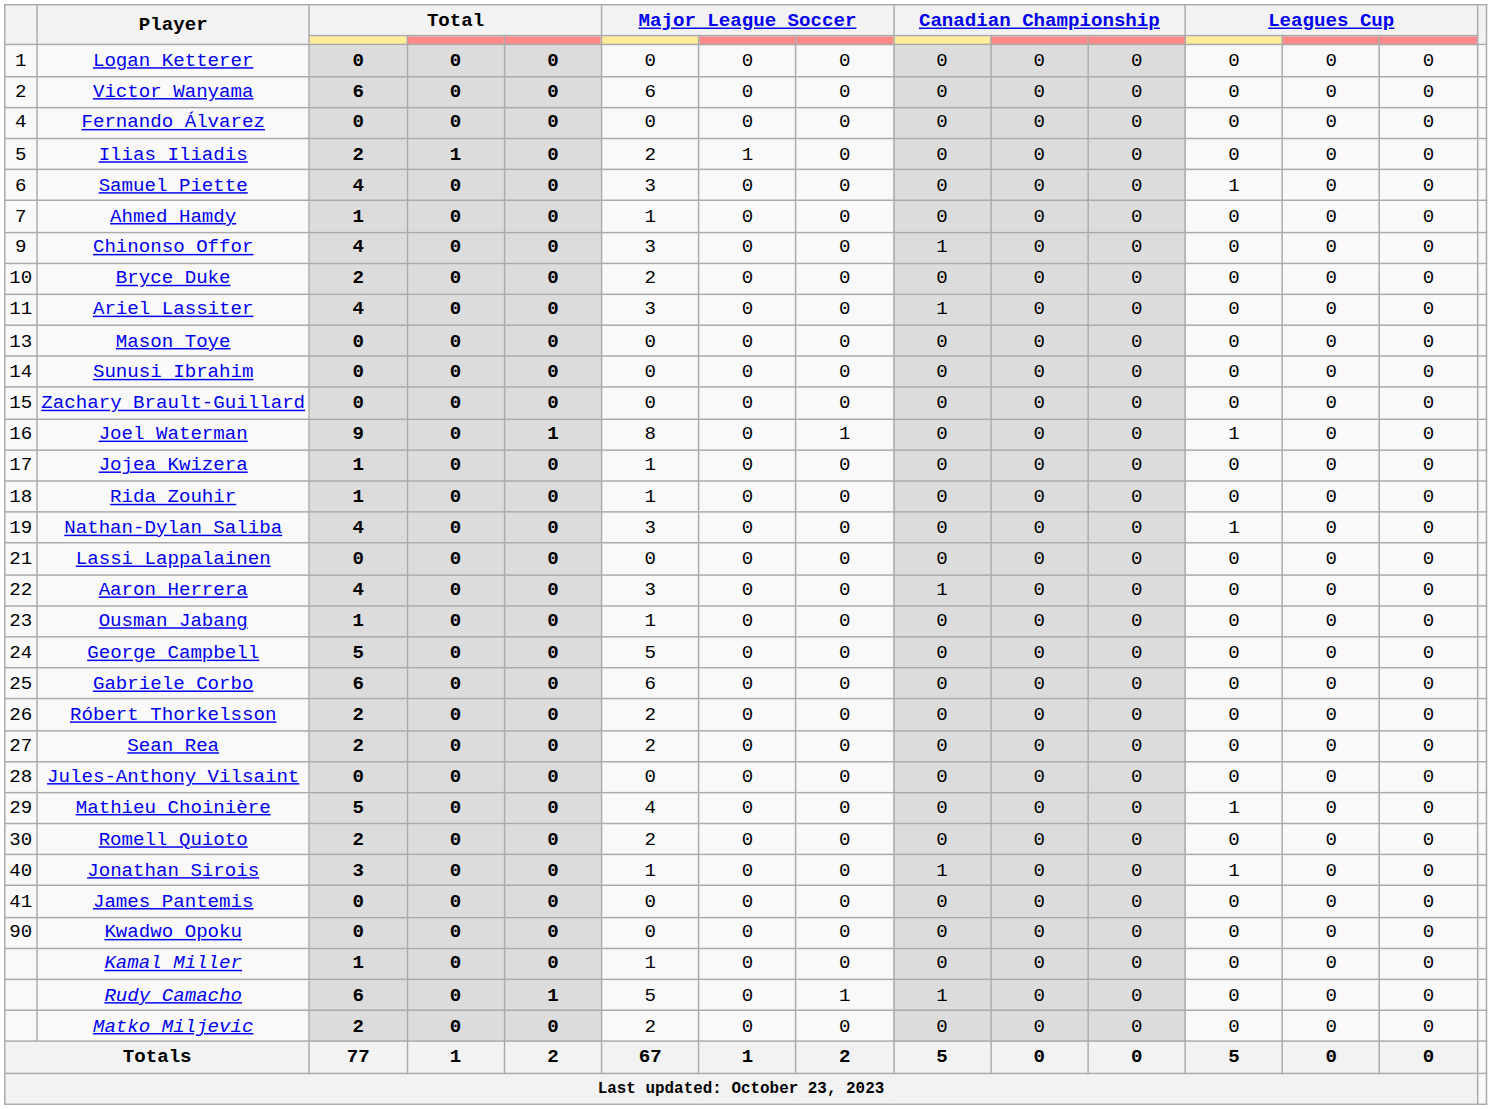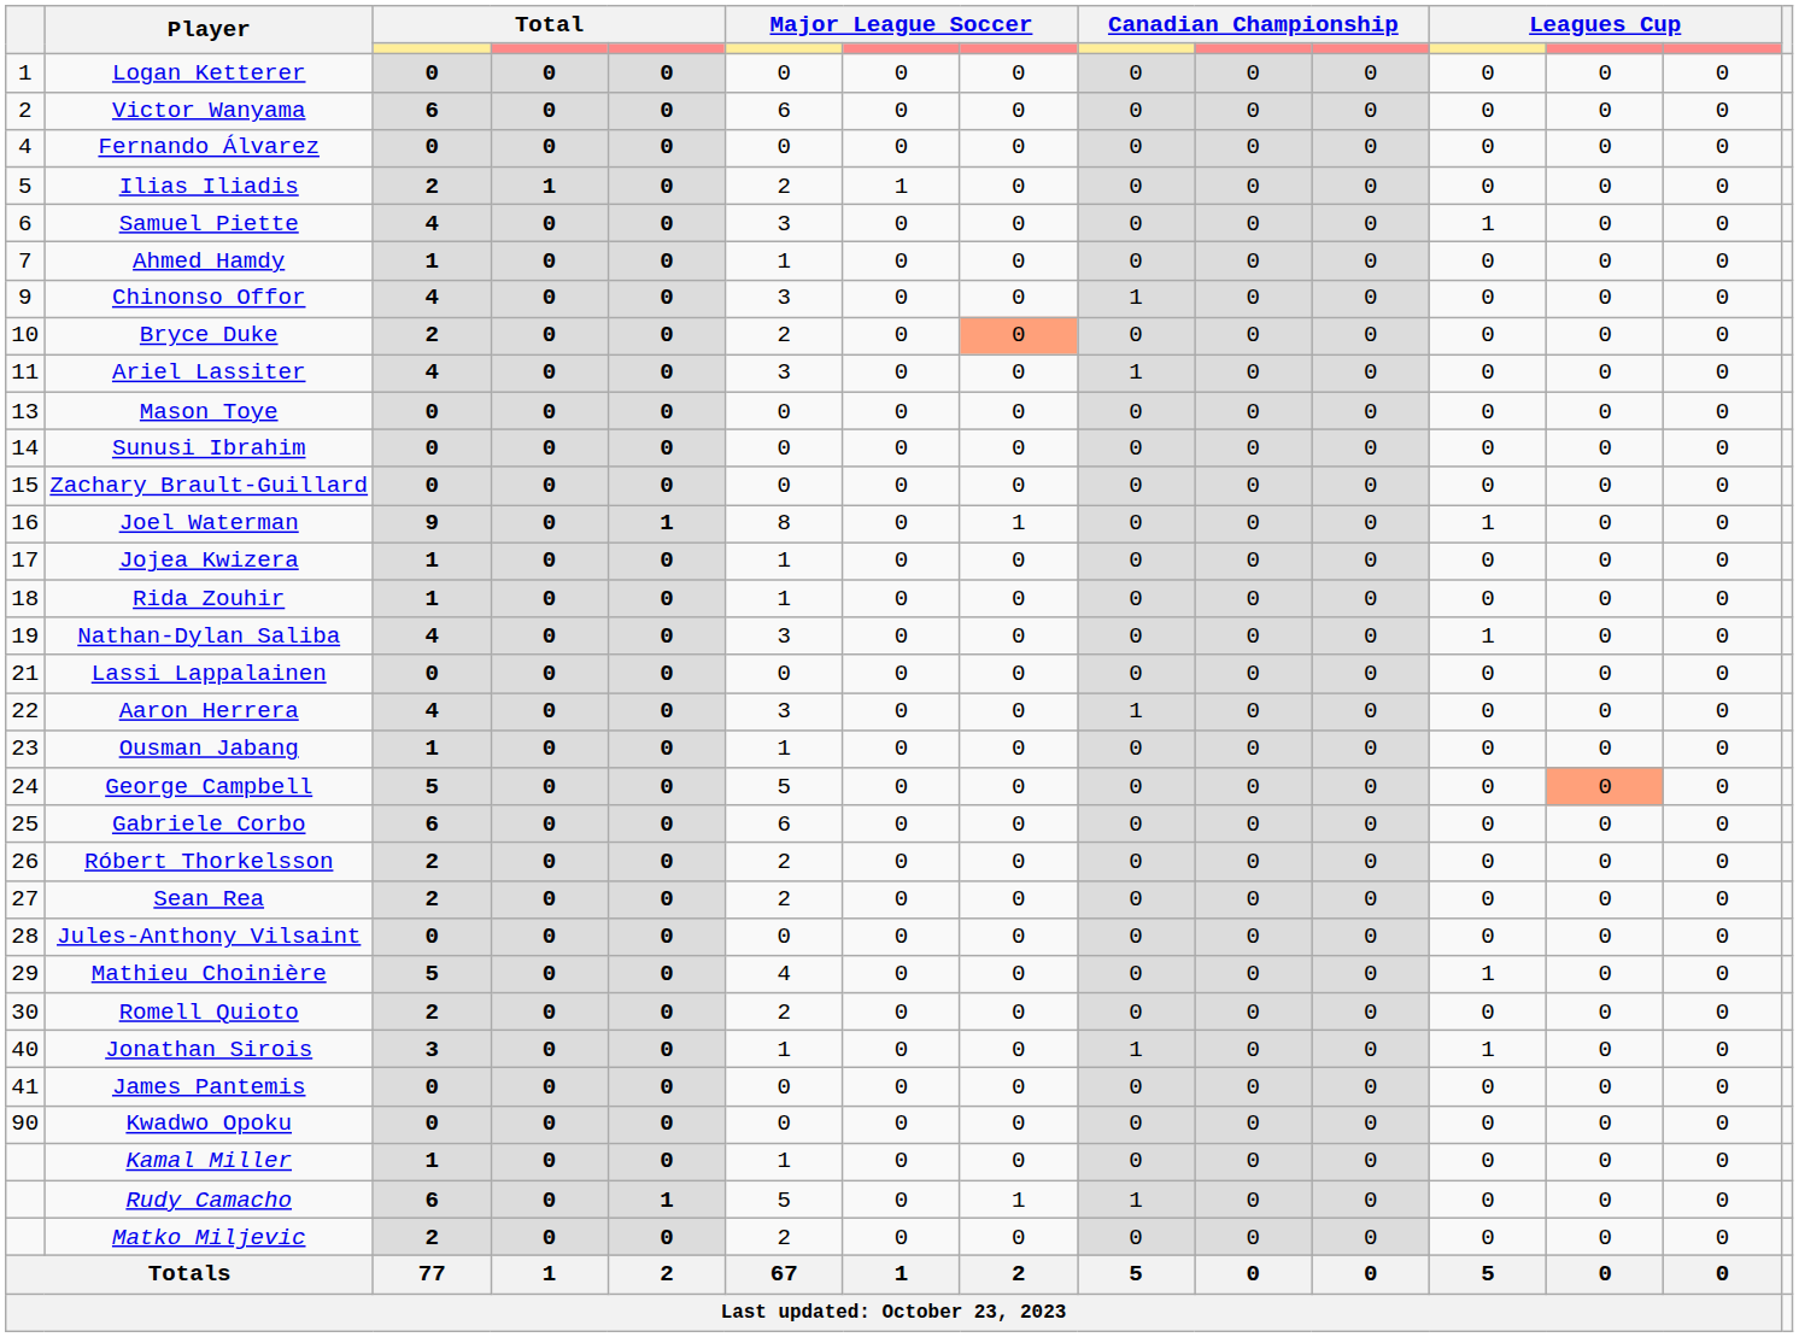 <table class="wikitable" style="text-align:center;">
 <tr style="text-align:center;">
 <th rowspan="2"></th>
 <th rowspan="2">Player</th>
 <th colspan="3">Total</th>
 <th colspan="3"><a href='#'>Major League Soccer</a></th>
 <th colspan="3"><a href='#'>Canadian Championship</a></th>
 <th colspan="3"><a href='#'>Leagues Cup</a></th>
 <th rowspan="2"></th>
 </tr>
 <tr>
 <th style="width:60px; background:#fe9;"></th>
 <th style="width:60px; background:#ff8888;"></th>
 <th style="width:60px; background:#ff8888;"></th>
 <th style="width:60px; background:#fe9;"></th>
 <th style="width:60px; background:#ff8888;"></th>
 <th style="width:60px; background:#ff8888;"></th>
 <th style="width:60px; background:#fe9;"></th>
 <th style="width:60px; background:#ff8888;"></th>
 <th style="width:60px; background:#ff8888;"></th>
 <th style="width:60px; background:#fe9;"></th>
 <th style="width:60px; background:#ff8888;"></th>
 <th style="width:60px; background:#ff8888;"></th>
 </tr>
 <tr>
 <td>1</td>
 <td><a href='#'>Logan Ketterer</a></td>
 <td style="background:#DCDCDC"><strong>0</strong> </td>
 <td style="background:#DCDCDC"><strong>0</strong> </td>
 <td style="background:#DCDCDC"><strong>0</strong> </td>
 <td>0 </td>
 <td>0 </td>
 <td>0 </td>
 <td style="background:#DCDCDC">0 </td>
 <td style="background:#DCDCDC">0 </td>
 <td style="background:#DCDCDC">0 </td>
 <td>0 </td>
 <td>0 </td>
 <td>0 </td>
 <td></td>
 </tr>
 <tr>
 <td>2</td>
 <td><a href='#'>Victor Wanyama</a></td>
 <td style="background:#DCDCDC"><strong>6</strong> </td>
 <td style="background:#DCDCDC"><strong>0</strong> </td>
 <td style="background:#DCDCDC"><strong>0</strong> </td>
 <td>6 </td>
 <td>0 </td>
 <td>0 </td>
 <td style="background:#DCDCDC">0 </td>
 <td style="background:#DCDCDC">0 </td>
 <td style="background:#DCDCDC">0 </td>
 <td>0 </td>
 <td>0 </td>
 <td>0 </td>
 <td></td>
 </tr>
 <tr>
 <td>4</td>
 <td><a href='#'>Fernando Álvarez</a></td>
 <td style="background:#DCDCDC"><strong>0</strong> </td>
 <td style="background:#DCDCDC"><strong>0</strong> </td>
 <td style="background:#DCDCDC"><strong>0</strong> </td>
 <td>0 </td>
 <td>0 </td>
 <td>0 </td>
 <td style="background:#DCDCDC">0 </td>
 <td style="background:#DCDCDC">0 </td>
 <td style="background:#DCDCDC">0 </td>
 <td>0 </td>
 <td>0 </td>
 <td>0 </td>
 <td></td>
 </tr>
 <tr>
 <td>5</td>
 <td><a href='#'>Ilias Iliadis</a></td>
 <td style="background:#DCDCDC"><strong>2</strong> </td>
 <td style="background:#DCDCDC"><strong>1</strong> </td>
 <td style="background:#DCDCDC"><strong>0</strong> </td>
 <td>2 </td>
 <td>1 </td>
 <td>0 </td>
 <td style="background:#DCDCDC">0 </td>
 <td style="background:#DCDCDC">0 </td>
 <td style="background:#DCDCDC">0 </td>
 <td>0 </td>
 <td>0 </td>
 <td>0 </td>
 <td></td>
 </tr>
 <tr>
 <td>6</td>
 <td><a href='#'>Samuel Piette</a></td>
 <td style="background:#DCDCDC"><strong>4</strong> </td>
 <td style="background:#DCDCDC"><strong>0</strong> </td>
 <td style="background:#DCDCDC"><strong>0</strong> </td>
 <td>3 </td>
 <td>0 </td>
 <td>0 </td>
 <td style="background:#DCDCDC">0 </td>
 <td style="background:#DCDCDC">0 </td>
 <td style="background:#DCDCDC">0 </td>
 <td>1 </td>
 <td>0 </td>
 <td>0 </td>
 <td></td>
 </tr>
 <tr>
 <td>7</td>
 <td><a href='#'>Ahmed Hamdy</a></td>
 <td style="background:#DCDCDC"><strong>1</strong> </td>
 <td style="background:#DCDCDC"><strong>0</strong> </td>
 <td style="background:#DCDCDC"><strong>0</strong> </td>
 <td>1 </td>
 <td>0 </td>
 <td>0 </td>
 <td style="background:#DCDCDC">0 </td>
 <td style="background:#DCDCDC">0 </td>
 <td style="background:#DCDCDC">0 </td>
 <td>0 </td>
 <td>0 </td>
 <td>0 </td>
 <td></td>
 </tr>
 <tr>
 <td>9</td>
 <td><a href='#'>Chinonso Offor</a></td>
 <td style="background:#DCDCDC"><strong>4</strong> </td>
 <td style="background:#DCDCDC"><strong>0</strong> </td>
 <td style="background:#DCDCDC"><strong>0</strong> </td>
 <td>3 </td>
 <td>0 </td>
 <td>0 </td>
 <td style="background:#DCDCDC">1 </td>
 <td style="background:#DCDCDC">0 </td>
 <td style="background:#DCDCDC">0 </td>
 <td>0 </td>
 <td>0 </td>
 <td>0 </td>
 <td></td>
 </tr>
 <tr>
 <td>10</td>
 <td><a href='#'>Bryce Duke</a></td>
 <td style="background:#DCDCDC"><strong>2</strong> </td>
 <td style="background:#DCDCDC"><strong>0</strong> </td>
 <td style="background:#DCDCDC"><strong>0</strong> </td>
 <td>2 </td>
 <td>0 </td>
-<td>0 </td>
+<td style="background: lightsalmon;">0 </td>
 <td style="background:#DCDCDC">0 </td>
 <td style="background:#DCDCDC">0 </td>
 <td style="background:#DCDCDC">0 </td>
 <td>0 </td>
 <td>0 </td>
 <td>0 </td>
 <td></td>
 </tr>
 <tr>
 <td>11</td>
 <td><a href='#'>Ariel Lassiter</a></td>
 <td style="background:#DCDCDC"><strong>4</strong> </td>
 <td style="background:#DCDCDC"><strong>0</strong> </td>
 <td style="background:#DCDCDC"><strong>0</strong> </td>
 <td>3 </td>
 <td>0 </td>
 <td>0 </td>
 <td style="background:#DCDCDC">1 </td>
 <td style="background:#DCDCDC">0 </td>
 <td style="background:#DCDCDC">0 </td>
 <td>0 </td>
 <td>0 </td>
 <td>0 </td>
 <td></td>
 </tr>
 <tr>
 <td>13</td>
 <td><a href='#'>Mason Toye</a></td>
 <td style="background:#DCDCDC"><strong>0</strong> </td>
 <td style="background:#DCDCDC"><strong>0</strong> </td>
 <td style="background:#DCDCDC"><strong>0</strong> </td>
 <td>0 </td>
 <td>0 </td>
 <td>0 </td>
 <td style="background:#DCDCDC">0 </td>
 <td style="background:#DCDCDC">0 </td>
 <td style="background:#DCDCDC">0 </td>
 <td>0 </td>
 <td>0 </td>
 <td>0 </td>
 <td></td>
 </tr>
 <tr>
 <td>14</td>
 <td><a href='#'>Sunusi Ibrahim</a></td>
 <td style="background:#DCDCDC"><strong>0</strong> </td>
 <td style="background:#DCDCDC"><strong>0</strong> </td>
 <td style="background:#DCDCDC"><strong>0</strong> </td>
 <td>0 </td>
 <td>0 </td>
 <td>0 </td>
 <td style="background:#DCDCDC">0 </td>
 <td style="background:#DCDCDC">0 </td>
 <td style="background:#DCDCDC">0 </td>
 <td>0 </td>
 <td>0 </td>
 <td>0 </td>
 <td></td>
 </tr>
 <tr>
 <td>15</td>
 <td><a href='#'>Zachary Brault-Guillard</a></td>
 <td style="background:#DCDCDC"><strong>0</strong> </td>
 <td style="background:#DCDCDC"><strong>0</strong> </td>
 <td style="background:#DCDCDC"><strong>0</strong> </td>
 <td>0 </td>
 <td>0 </td>
 <td>0 </td>
 <td style="background:#DCDCDC">0 </td>
 <td style="background:#DCDCDC">0 </td>
 <td style="background:#DCDCDC">0 </td>
 <td>0 </td>
 <td>0 </td>
 <td>0 </td>
 <td></td>
 </tr>
 <tr>
 <td>16</td>
 <td><a href='#'>Joel Waterman</a></td>
 <td style="background:#DCDCDC"><strong>9</strong> </td>
 <td style="background:#DCDCDC"><strong>0</strong> </td>
 <td style="background:#DCDCDC"><strong>1</strong> </td>
 <td>8 </td>
 <td>0 </td>
 <td>1 </td>
 <td style="background:#DCDCDC">0 </td>
 <td style="background:#DCDCDC">0 </td>
 <td style="background:#DCDCDC">0 </td>
 <td>1 </td>
 <td>0 </td>
 <td>0 </td>
 <td></td>
 </tr>
 <tr>
 <td>17</td>
 <td><a href='#'>Jojea Kwizera</a></td>
 <td style="background:#DCDCDC"><strong>1</strong> </td>
 <td style="background:#DCDCDC"><strong>0</strong> </td>
 <td style="background:#DCDCDC"><strong>0</strong> </td>
 <td>1 </td>
 <td>0 </td>
 <td>0 </td>
 <td style="background:#DCDCDC">0 </td>
 <td style="background:#DCDCDC">0 </td>
 <td style="background:#DCDCDC">0 </td>
 <td>0 </td>
 <td>0 </td>
 <td>0 </td>
 <td></td>
 </tr>
 <tr>
 <td>18</td>
 <td><a href='#'>Rida Zouhir</a></td>
 <td style="background:#DCDCDC"><strong>1</strong> </td>
 <td style="background:#DCDCDC"><strong>0</strong> </td>
 <td style="background:#DCDCDC"><strong>0</strong> </td>
 <td>1 </td>
 <td>0 </td>
 <td>0 </td>
 <td style="background:#DCDCDC">0 </td>
 <td style="background:#DCDCDC">0 </td>
 <td style="background:#DCDCDC">0 </td>
 <td>0 </td>
 <td>0 </td>
 <td>0 </td>
 <td></td>
 </tr>
 <tr>
 <td>19</td>
 <td><a href='#'>Nathan-Dylan Saliba</a></td>
 <td style="background:#DCDCDC"><strong>4</strong> </td>
 <td style="background:#DCDCDC"><strong>0</strong> </td>
 <td style="background:#DCDCDC"><strong>0</strong> </td>
 <td>3 </td>
 <td>0 </td>
 <td>0 </td>
 <td style="background:#DCDCDC">0 </td>
 <td style="background:#DCDCDC">0 </td>
 <td style="background:#DCDCDC">0 </td>
 <td>1 </td>
 <td>0 </td>
 <td>0 </td>
 <td></td>
 </tr>
 <tr>
 <td>21</td>
 <td><a href='#'>Lassi Lappalainen</a></td>
 <td style="background:#DCDCDC"><strong>0</strong> </td>
 <td style="background:#DCDCDC"><strong>0</strong> </td>
 <td style="background:#DCDCDC"><strong>0</strong> </td>
 <td>0 </td>
 <td>0 </td>
 <td>0 </td>
 <td style="background:#DCDCDC">0 </td>
 <td style="background:#DCDCDC">0 </td>
 <td style="background:#DCDCDC">0 </td>
 <td>0 </td>
 <td>0 </td>
 <td>0 </td>
 <td></td>
 </tr>
 <tr>
 <td>22</td>
 <td><a href='#'>Aaron Herrera</a></td>
 <td style="background:#DCDCDC"><strong>4</strong> </td>
 <td style="background:#DCDCDC"><strong>0</strong> </td>
 <td style="background:#DCDCDC"><strong>0</strong> </td>
 <td>3 </td>
 <td>0 </td>
 <td>0 </td>
 <td style="background:#DCDCDC">1 </td>
 <td style="background:#DCDCDC">0 </td>
 <td style="background:#DCDCDC">0 </td>
 <td>0 </td>
 <td>0 </td>
 <td>0 </td>
 <td></td>
 </tr>
 <tr>
 <td>23</td>
 <td><a href='#'>Ousman Jabang</a></td>
 <td style="background:#DCDCDC"><strong>1</strong> </td>
 <td style="background:#DCDCDC"><strong>0</strong> </td>
 <td style="background:#DCDCDC"><strong>0</strong> </td>
 <td>1 </td>
 <td>0 </td>
 <td>0 </td>
 <td style="background:#DCDCDC">0 </td>
 <td style="background:#DCDCDC">0 </td>
 <td style="background:#DCDCDC">0 </td>
 <td>0 </td>
 <td>0 </td>
 <td>0 </td>
 <td></td>
 </tr>
 <tr>
 <td>24</td>
 <td><a href='#'>George Campbell</a></td>
 <td style="background:#DCDCDC"><strong>5</strong> </td>
 <td style="background:#DCDCDC"><strong>0</strong> </td>
 <td style="background:#DCDCDC"><strong>0</strong> </td>
 <td>5 </td>
 <td>0 </td>
 <td>0 </td>
 <td style="background:#DCDCDC">0 </td>
 <td style="background:#DCDCDC">0 </td>
 <td style="background:#DCDCDC">0 </td>
 <td>0 </td>
-<td>0 </td>
+<td style="background: lightsalmon;">0 </td>
 <td>0 </td>
 <td></td>
 </tr>
 <tr>
 <td>25</td>
 <td><a href='#'>Gabriele Corbo</a></td>
 <td style="background:#DCDCDC"><strong>6</strong> </td>
 <td style="background:#DCDCDC"><strong>0</strong> </td>
 <td style="background:#DCDCDC"><strong>0</strong> </td>
 <td>6 </td>
 <td>0 </td>
 <td>0 </td>
 <td style="background:#DCDCDC">0 </td>
 <td style="background:#DCDCDC">0 </td>
 <td style="background:#DCDCDC">0 </td>
 <td>0 </td>
 <td>0 </td>
 <td>0 </td>
 <td></td>
 </tr>
 <tr>
 <td>26</td>
 <td><a href='#'>Róbert Thorkelsson</a></td>
 <td style="background:#DCDCDC"><strong>2</strong> </td>
 <td style="background:#DCDCDC"><strong>0</strong> </td>
 <td style="background:#DCDCDC"><strong>0</strong> </td>
 <td>2 </td>
 <td>0 </td>
 <td>0 </td>
 <td style="background:#DCDCDC">0 </td>
 <td style="background:#DCDCDC">0 </td>
 <td style="background:#DCDCDC">0 </td>
 <td>0 </td>
 <td>0 </td>
 <td>0 </td>
 <td></td>
 </tr>
 <tr>
 <td>27</td>
 <td><a href='#'>Sean Rea</a></td>
 <td style="background:#DCDCDC"><strong>2</strong> </td>
 <td style="background:#DCDCDC"><strong>0</strong> </td>
 <td style="background:#DCDCDC"><strong>0</strong> </td>
 <td>2 </td>
 <td>0 </td>
 <td>0 </td>
 <td style="background:#DCDCDC">0 </td>
 <td style="background:#DCDCDC">0 </td>
 <td style="background:#DCDCDC">0 </td>
 <td>0 </td>
 <td>0 </td>
 <td>0 </td>
 <td></td>
 </tr>
 <tr>
 <td>28</td>
 <td><a href='#'>Jules-Anthony Vilsaint</a></td>
 <td style="background:#DCDCDC"><strong>0</strong> </td>
 <td style="background:#DCDCDC"><strong>0</strong> </td>
 <td style="background:#DCDCDC"><strong>0</strong> </td>
 <td>0 </td>
 <td>0 </td>
 <td>0 </td>
 <td style="background:#DCDCDC">0 </td>
 <td style="background:#DCDCDC">0 </td>
 <td style="background:#DCDCDC">0 </td>
 <td>0 </td>
 <td>0 </td>
 <td>0 </td>
 <td></td>
 </tr>
 <tr>
 <td>29</td>
 <td><a href='#'>Mathieu Choinière</a></td>
 <td style="background:#DCDCDC"><strong>5</strong> </td>
 <td style="background:#DCDCDC"><strong>0</strong> </td>
 <td style="background:#DCDCDC"><strong>0</strong> </td>
 <td>4 </td>
 <td>0 </td>
 <td>0 </td>
 <td style="background:#DCDCDC">0 </td>
 <td style="background:#DCDCDC">0 </td>
 <td style="background:#DCDCDC">0 </td>
 <td>1 </td>
 <td>0 </td>
 <td>0 </td>
 <td></td>
 </tr>
 <tr>
 <td>30</td>
 <td><a href='#'>Romell Quioto</a></td>
 <td style="background:#DCDCDC"><strong>2</strong> </td>
 <td style="background:#DCDCDC"><strong>0</strong> </td>
 <td style="background:#DCDCDC"><strong>0</strong> </td>
 <td>2 </td>
 <td>0 </td>
 <td>0 </td>
 <td style="background:#DCDCDC">0 </td>
 <td style="background:#DCDCDC">0 </td>
 <td style="background:#DCDCDC">0 </td>
 <td>0 </td>
 <td>0 </td>
 <td>0 </td>
 <td></td>
 </tr>
 <tr>
 <td>40</td>
 <td><a href='#'>Jonathan Sirois</a></td>
 <td style="background:#DCDCDC"><strong>3</strong> </td>
 <td style="background:#DCDCDC"><strong>0</strong> </td>
 <td style="background:#DCDCDC"><strong>0</strong> </td>
 <td>1 </td>
 <td>0 </td>
 <td>0 </td>
 <td style="background:#DCDCDC">1 </td>
 <td style="background:#DCDCDC">0 </td>
 <td style="background:#DCDCDC">0 </td>
 <td>1 </td>
 <td>0 </td>
 <td>0 </td>
 <td></td>
 </tr>
 <tr>
 <td>41</td>
 <td><a href='#'>James Pantemis</a></td>
 <td style="background:#DCDCDC"><strong>0</strong> </td>
 <td style="background:#DCDCDC"><strong>0</strong> </td>
 <td style="background:#DCDCDC"><strong>0</strong> </td>
 <td>0 </td>
 <td>0 </td>
 <td>0 </td>
 <td style="background:#DCDCDC">0 </td>
 <td style="background:#DCDCDC">0 </td>
 <td style="background:#DCDCDC">0 </td>
 <td>0 </td>
 <td>0 </td>
 <td>0 </td>
 <td></td>
 </tr>
 <tr>
 <td>90</td>
 <td><a href='#'>Kwadwo Opoku</a></td>
 <td style="background:#DCDCDC"><strong>0</strong> </td>
 <td style="background:#DCDCDC"><strong>0</strong> </td>
 <td style="background:#DCDCDC"><strong>0</strong> </td>
 <td>0 </td>
 <td>0 </td>
 <td>0 </td>
 <td style="background:#DCDCDC">0 </td>
 <td style="background:#DCDCDC">0 </td>
 <td style="background:#DCDCDC">0 </td>
 <td>0 </td>
 <td>0 </td>
 <td>0 </td>
 <td></td>
 </tr>
 <tr>
 <td></td>
 <td><em><a href='#'>Kamal Miller</a></em></td>
 <td style="background:#DCDCDC"><strong>1</strong> </td>
 <td style="background:#DCDCDC"><strong>0</strong> </td>
 <td style="background:#DCDCDC"><strong>0</strong> </td>
 <td>1 </td>
 <td>0 </td>
 <td>0 </td>
 <td style="background:#DCDCDC">0 </td>
 <td style="background:#DCDCDC">0 </td>
 <td style="background:#DCDCDC">0 </td>
 <td>0 </td>
 <td>0 </td>
 <td>0 </td>
 <td></td>
 </tr>
 <tr>
 <td></td>
 <td><em><a href='#'>Rudy Camacho</a></em></td>
 <td style="background:#DCDCDC"><strong>6</strong> </td>
 <td style="background:#DCDCDC"><strong>0</strong> </td>
 <td style="background:#DCDCDC"><strong>1</strong> </td>
 <td>5 </td>
 <td>0 </td>
 <td>1 </td>
 <td style="background:#DCDCDC">1 </td>
 <td style="background:#DCDCDC">0 </td>
 <td style="background:#DCDCDC">0 </td>
 <td>0 </td>
 <td>0 </td>
 <td>0 </td>
 <td></td>
 </tr>
 <tr>
 <td></td>
 <td><em><a href='#'>Matko Miljevic</a></em></td>
 <td style="background:#DCDCDC"><strong>2</strong> </td>
 <td style="background:#DCDCDC"><strong>0</strong> </td>
 <td style="background:#DCDCDC"><strong>0</strong> </td>
 <td>2 </td>
 <td>0 </td>
 <td>0 </td>
 <td style="background:#DCDCDC">0 </td>
 <td style="background:#DCDCDC">0 </td>
 <td style="background:#DCDCDC">0 </td>
 <td>0 </td>
 <td>0 </td>
 <td>0 </td>
 <td></td>
 </tr>
 <tr>
 <th colspan="2">Totals</th>
 <th>77 </th>
 <th>1 </th>
 <th>2 </th>
 <th>67 </th>
 <th>1 </th>
 <th>2 </th>
 <th>5 </th>
 <th>0 </th>
 <th>0 </th>
 <th>5 </th>
 <th>0 </th>
 <th>0 </th>
 <td></td>
 </tr>
 <tr>
 <th colspan="14"><small>Last updated: October 23, 2023</small></th>
 </tr>
 </table>
